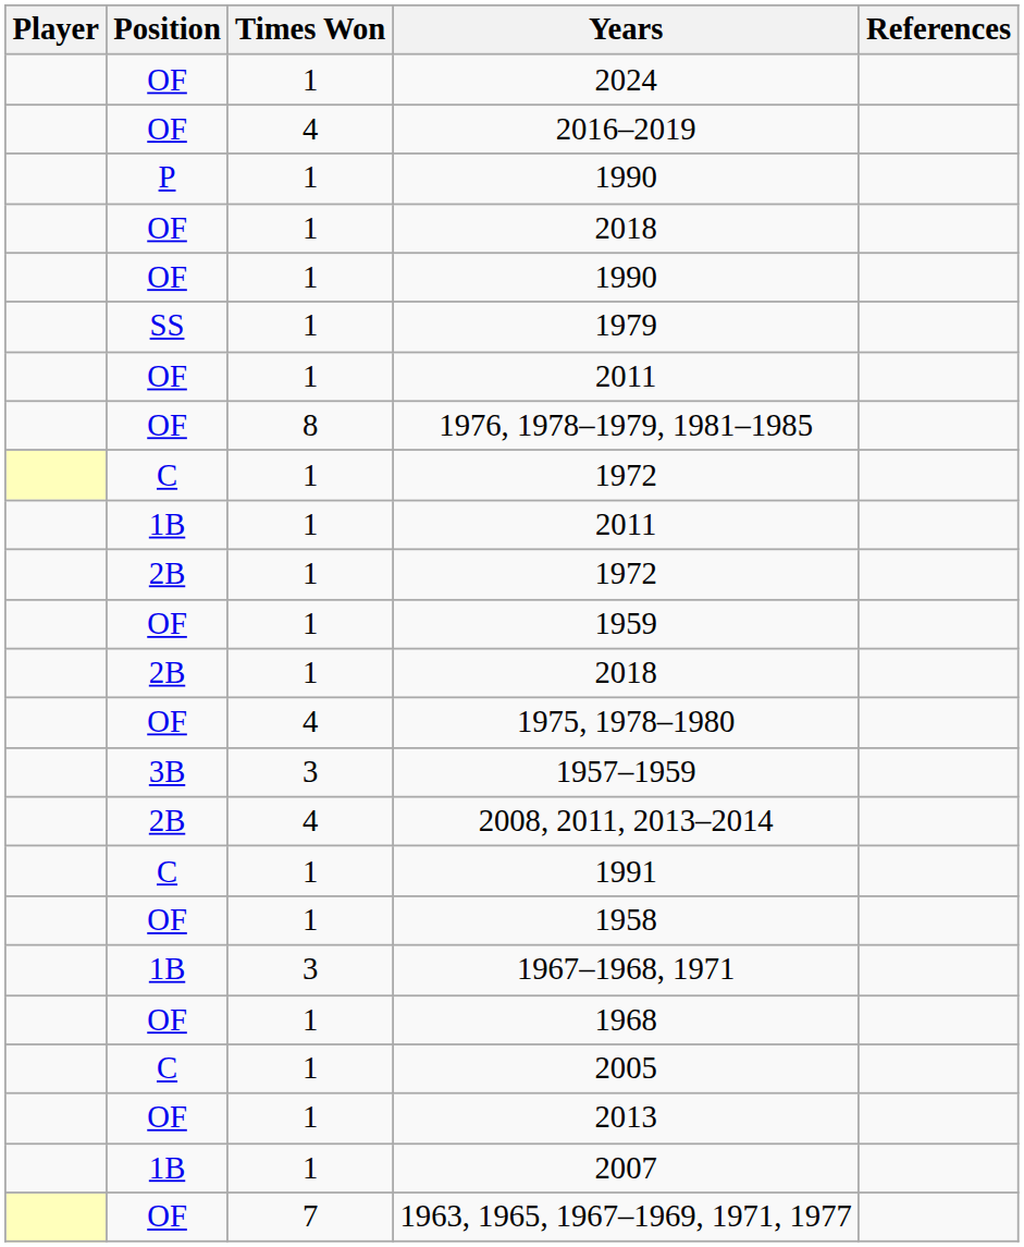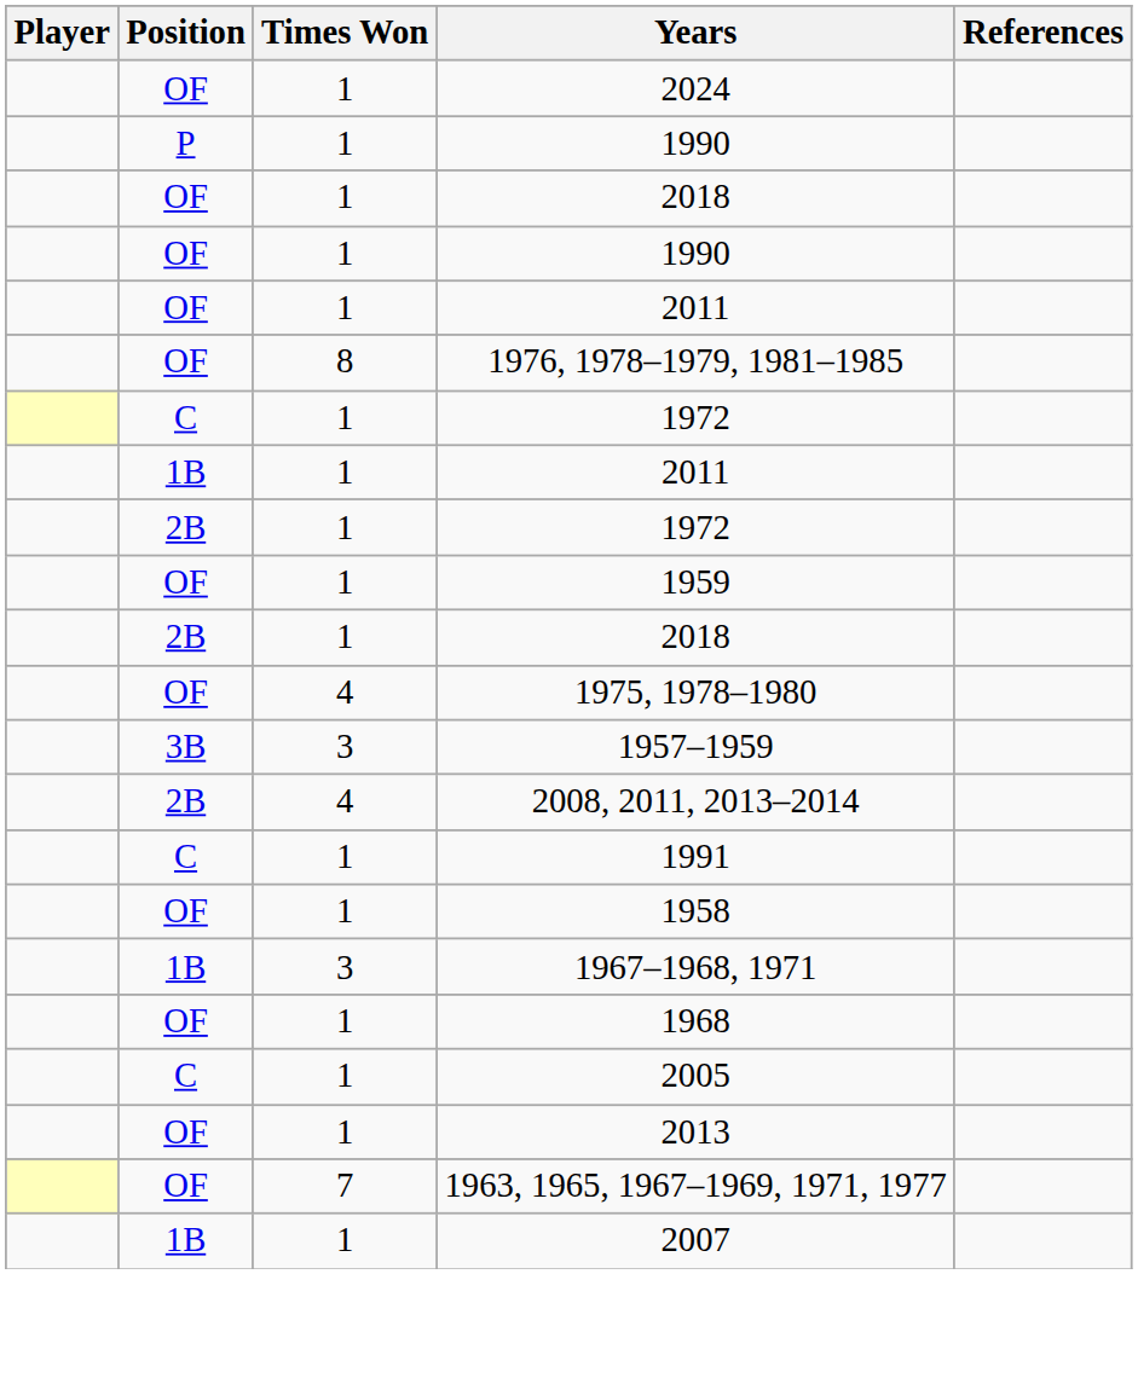 <table class="wikitable sortable" style="text-align:center;">
 <tr>
 <th scope="col">Player</th>
 <th scope="col">Position</th>
 <th scope="col">Times Won</th>
 <th scope="col">Years</th>
 <th scope="col">References</th>
 </tr>
 <tr>
 <td scope="row"></td>
 <td><a href='#'>OF</a></td>
 <td style="text-align:center;">1</td>
 <td>2024</td>
-<td></td>
-</tr>
-<tr>
-<td scope="row"></td>
-<td><a href='#'>OF</a></td>
-<td style="text-align:center;">4</td>
-<td>2016–2019</td>
 <td></td>
 </tr>
 <tr>
 <td scope="row"></td>
 <td><a href='#'>P</a></td>
 <td style="text-align:center;">1</td>
 <td>1990</td>
 <td></td>
 </tr>
 <tr>
 <td scope="row"></td>
 <td><a href='#'>OF</a></td>
 <td style="text-align:center;">1</td>
 <td>2018</td>
 <td></td>
 </tr>
 <tr>
 <td scope="row"></td>
 <td><a href='#'>OF</a></td>
 <td style="text-align:center;">1</td>
 <td>1990</td>
-<td></td>
-</tr>
-<tr>
-<td scope="row"></td>
-<td><a href='#'>SS</a></td>
-<td style="text-align:center;">1</td>
-<td>1979</td>
 <td></td>
 </tr>
 <tr>
 <td scope="row"></td>
 <td><a href='#'>OF</a></td>
 <td style="text-align:center;">1</td>
 <td>2011</td>
 <td></td>
 </tr>
 <tr>
 <td scope="row"></td>
 <td><a href='#'>OF</a></td>
 <td style="text-align:center;">8</td>
 <td>1976, 1978–1979, 1981–1985</td>
 <td></td>
 </tr>
 <tr>
 <td scope="row" bgcolor="#FFFFBB"></td>
 <td><a href='#'>C</a></td>
 <td style="text-align:center;">1</td>
 <td>1972</td>
 <td></td>
 </tr>
 <tr>
 <td scope="row"></td>
 <td><a href='#'>1B</a></td>
 <td style="text-align:center;">1</td>
 <td>2011</td>
 <td></td>
 </tr>
 <tr>
 <td scope="row"></td>
 <td><a href='#'>2B</a></td>
 <td style="text-align:center;">1</td>
 <td>1972</td>
 <td></td>
 </tr>
 <tr>
 <td scope="row"></td>
 <td><a href='#'>OF</a></td>
 <td style="text-align:center;">1</td>
 <td>1959</td>
 <td></td>
 </tr>
 <tr>
 <td scope="row"></td>
 <td><a href='#'>2B</a></td>
 <td style="text-align:center;">1</td>
 <td>2018</td>
 <td></td>
 </tr>
 <tr>
 <td scope="row"></td>
 <td><a href='#'>OF</a></td>
 <td style="text-align:center;">4</td>
 <td>1975, 1978–1980</td>
 <td></td>
 </tr>
 <tr>
 <td scope="row"></td>
 <td><a href='#'>3B</a></td>
 <td style="text-align:center;">3</td>
 <td>1957–1959</td>
 <td></td>
 </tr>
 <tr>
 <td scope="row"></td>
 <td><a href='#'>2B</a></td>
 <td style="text-align:center;">4</td>
 <td>2008, 2011, 2013–2014</td>
 <td></td>
 </tr>
 <tr>
 <td scope="row"></td>
 <td><a href='#'>C</a></td>
 <td style="text-align:center;">1</td>
 <td>1991</td>
 <td></td>
 </tr>
 <tr>
 <td scope="row"></td>
 <td><a href='#'>OF</a></td>
 <td style="text-align:center;">1</td>
 <td>1958</td>
 <td></td>
 </tr>
 <tr>
 <td scope="row"></td>
 <td><a href='#'>1B</a></td>
 <td style="text-align:center;">3</td>
 <td>1967–1968, 1971</td>
 <td></td>
 </tr>
 <tr>
 <td scope="row"></td>
 <td><a href='#'>OF</a></td>
 <td style="text-align:center;">1</td>
 <td>1968</td>
 <td></td>
 </tr>
 <tr>
 <td scope="row"></td>
 <td><a href='#'>C</a></td>
 <td style="text-align:center;">1</td>
 <td>2005</td>
 <td></td>
 </tr>
 <tr>
 <td scope="row"></td>
 <td><a href='#'>OF</a></td>
 <td style="text-align:center;">1</td>
 <td>2013</td>
 <td></td>
 </tr>
 <tr>
+<td scope="row" bgcolor="#FFFFBB"></td>
+<td><a href='#'>OF</a></td>
+<td style="text-align:center;">7</td>
+<td>1963, 1965, 1967–1969, 1971, 1977</td>
+<td></td>
+</tr>
+<tr>
 <td scope="row"></td>
 <td><a href='#'>1B</a></td>
 <td style="text-align:center;">1</td>
 <td>2007</td>
 <td></td>
 </tr>
-<tr>
-<td scope="row" bgcolor="#FFFFBB"></td>
-<td><a href='#'>OF</a></td>
-<td style="text-align:center;">7</td>
-<td>1963, 1965, 1967–1969, 1971, 1977</td>
-<td></td>
-</tr>
 </table>
